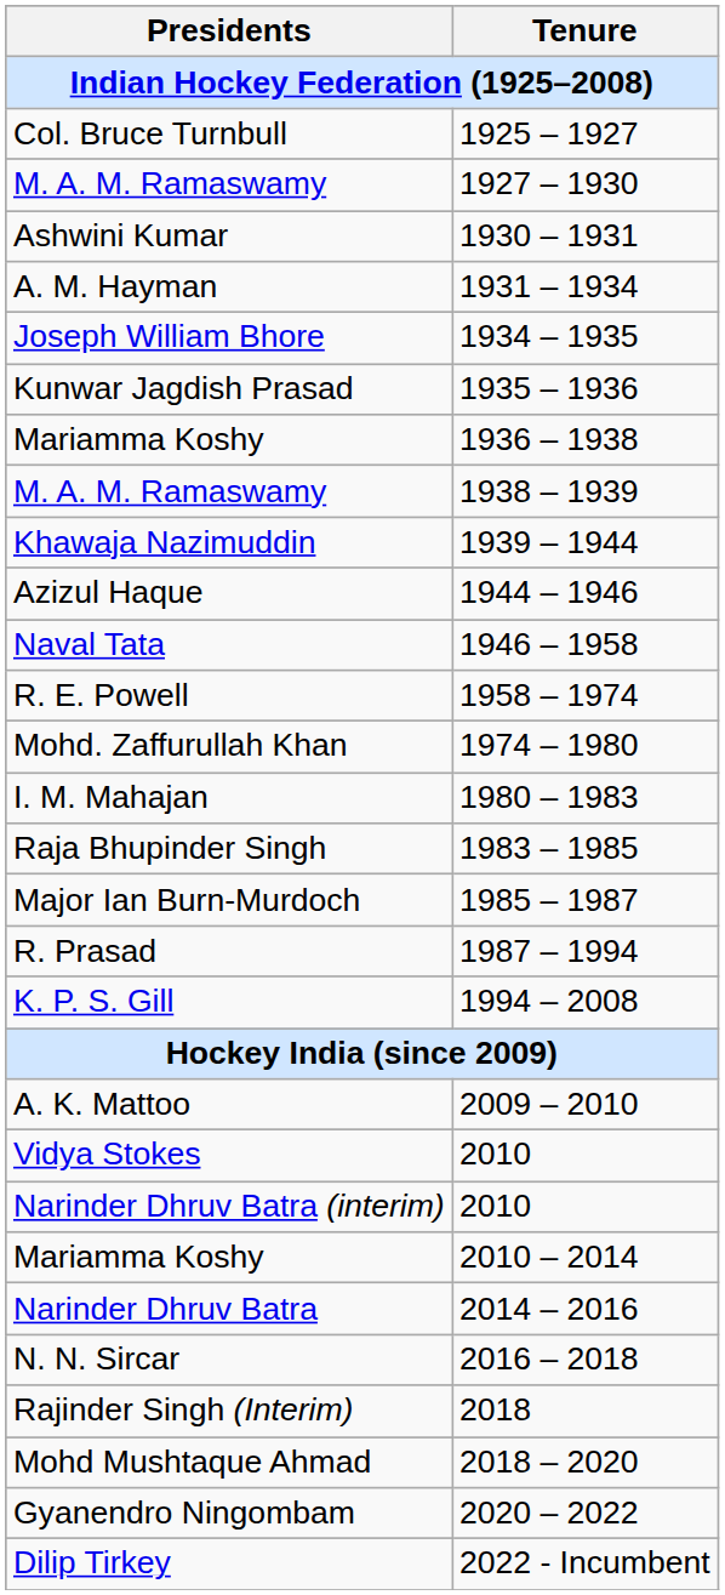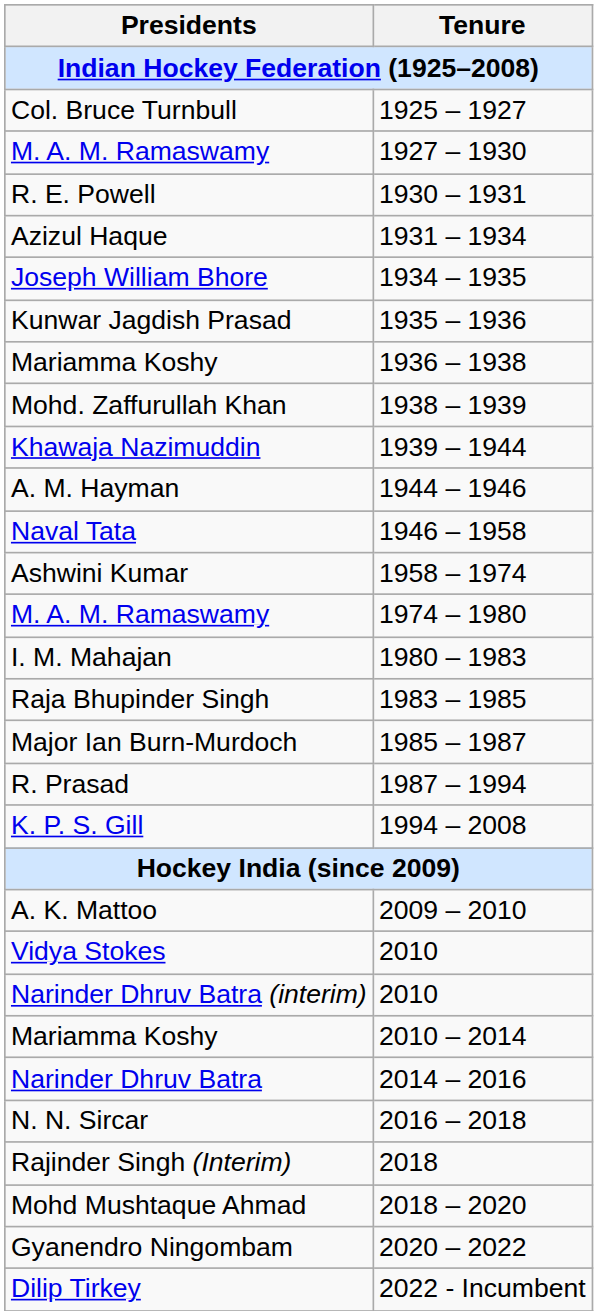 <table class="wikitable">
 <tr>
 <th>Presidents</th>
 <th>Tenure</th>
 </tr>
 <tr style="background: #D0E6FF;">
 <td colspan="2" style="text-align:center;"><strong><a href='#'>Indian Hockey Federation</a> (1925–2008)</strong></td>
 </tr>
 <tr>
 <td>Col. Bruce Turnbull</td>
 <td>1925 – 1927</td>
 </tr>
 <tr>
 <td><a href='#'>M. A. M. Ramaswamy</a></td>
 <td>1927 – 1930</td>
 </tr>
 <tr>
-<td>Ashwini Kumar</td>
+<td>R. E. Powell</td>
 <td>1930 – 1931</td>
 </tr>
 <tr>
-<td>A. M. Hayman</td>
+<td>Azizul Haque</td>
 <td>1931 – 1934</td>
 </tr>
 <tr>
 <td><a href='#'>Joseph William Bhore</a></td>
 <td>1934 – 1935</td>
 </tr>
 <tr>
 <td>Kunwar Jagdish Prasad</td>
 <td>1935 – 1936</td>
 </tr>
 <tr>
 <td>Mariamma Koshy</td>
 <td>1936 – 1938</td>
 </tr>
 <tr>
-<td><a href='#'>M. A. M. Ramaswamy</a></td>
+<td>Mohd. Zaffurullah Khan</td>
 <td>1938 – 1939</td>
 </tr>
 <tr>
 <td><a href='#'>Khawaja Nazimuddin</a></td>
 <td>1939 – 1944</td>
 </tr>
 <tr>
-<td>Azizul Haque</td>
+<td>A. M. Hayman</td>
 <td>1944 – 1946</td>
 </tr>
 <tr>
 <td><a href='#'>Naval Tata</a></td>
 <td>1946 – 1958</td>
 </tr>
 <tr>
-<td>R. E. Powell</td>
+<td>Ashwini Kumar</td>
 <td>1958 – 1974</td>
 </tr>
 <tr>
-<td>Mohd. Zaffurullah Khan</td>
+<td><a href='#'>M. A. M. Ramaswamy</a></td>
 <td>1974 – 1980</td>
 </tr>
 <tr>
 <td>I. M. Mahajan</td>
 <td>1980 – 1983</td>
 </tr>
 <tr>
 <td>Raja Bhupinder Singh</td>
 <td>1983 – 1985</td>
 </tr>
 <tr>
 <td>Major Ian Burn-Murdoch</td>
 <td>1985 – 1987</td>
 </tr>
 <tr>
 <td>R. Prasad</td>
 <td>1987 – 1994</td>
 </tr>
 <tr>
 <td><a href='#'>K. P. S. Gill</a></td>
 <td>1994 – 2008</td>
 </tr>
 <tr style="background: #D0E6FF;">
 <td colspan="2" style="text-align:center;"><strong>Hockey India (since 2009)</strong></td>
 </tr>
 <tr>
 <td>A. K. Mattoo</td>
 <td>2009 – 2010</td>
 </tr>
 <tr>
 <td><a href='#'>Vidya Stokes</a></td>
 <td>2010</td>
 </tr>
 <tr>
 <td><a href='#'>Narinder Dhruv Batra</a> <em>(interim)</em></td>
 <td>2010</td>
 </tr>
 <tr>
 <td>Mariamma Koshy</td>
 <td>2010 – 2014</td>
 </tr>
 <tr>
 <td><a href='#'>Narinder Dhruv Batra</a></td>
 <td>2014 – 2016</td>
 </tr>
 <tr>
 <td>N. N. Sircar</td>
 <td>2016 – 2018</td>
 </tr>
 <tr>
 <td>Rajinder Singh <em>(Interim)</em></td>
 <td>2018</td>
 </tr>
 <tr>
 <td>Mohd Mushtaque Ahmad</td>
 <td>2018 – 2020</td>
 </tr>
 <tr>
 <td>Gyanendro Ningombam</td>
 <td>2020 – 2022</td>
 </tr>
 <tr>
 <td><a href='#'>Dilip Tirkey </a></td>
 <td>2022 - Incumbent</td>
 </tr>
 <tr>
 </tr>
 </table>
